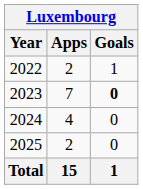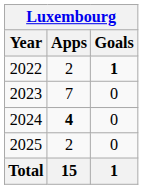 <table class="wikitable" style="text-align:center">
 <tr>
 <th colspan=5><a href='#'>Luxembourg</a></th>
 </tr>
 <tr>
 <th>Year</th>
 <th>Apps</th>
 <th>Goals</th>
 </tr>
 <tr>
 <td>2022</td>
 <td>2</td>
-<td>1</td>
+<td><strong>1</strong></td>
 </tr>
 <tr>
 <td>2023</td>
 <td>7</td>
-<td><strong>0</strong></td>
+<td>0</td>
 </tr>
 <tr>
 <td>2024</td>
-<td>4</td>
+<td><strong>4</strong></td>
 <td>0</td>
 </tr>
 <tr>
 <td>2025</td>
 <td>2</td>
 <td>0</td>
 </tr>
 <tr>
 <th>Total</th>
 <th>15</th>
 <th>1</th>
 </tr>
 </table>
